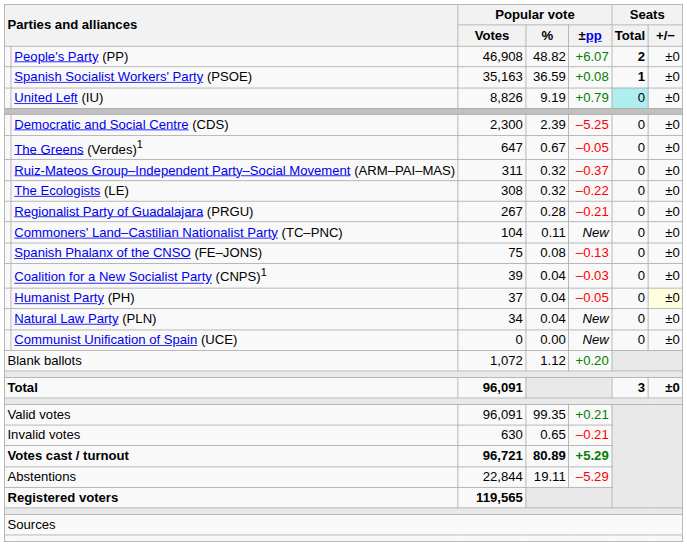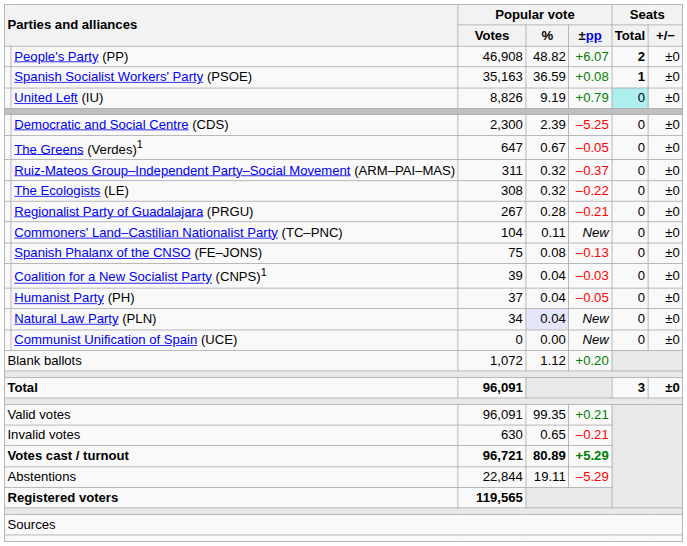 <table class="wikitable" style="text-align:right;">
 <tr>
 <th style="text-align:left;" rowspan="2" colspan="2" width="525">Parties and alliances</th>
 <th colspan="3">Popular vote</th>
 <th colspan="2">Seats</th>
 </tr>
 <tr>
 <th width="75">Votes</th>
 <th width="45">%</th>
 <th width="45">±<a href='#'>pp</a></th>
 <th width="35">Total</th>
 <th width="35">+/−</th>
 </tr>
 <tr>
 <td width="1" style="color:inherit;background:"></td>
 <td align="left"><a href='#'>People's Party</a> (PP)</td>
 <td>46,908</td>
 <td>48.82</td>
 <td style="color:green;">+6.07</td>
 <td><strong>2</strong></td>
 <td>±0</td>
 </tr>
 <tr>
 <td style="color:inherit;background:"></td>
 <td align="left"><a href='#'>Spanish Socialist Workers' Party</a> (PSOE)</td>
 <td>35,163</td>
 <td>36.59</td>
 <td style="color:green;">+0.08</td>
 <td><strong>1</strong></td>
 <td>±0</td>
 </tr>
 <tr>
 <td style="color:inherit;background:"></td>
 <td align="left"><a href='#'>United Left</a> (IU)</td>
 <td>8,826</td>
 <td>9.19</td>
 <td style="color:green;">+0.79</td>
 <td style="background: paleturquoise;">0</td>
 <td>±0</td>
 </tr>
 <tr>
 <td colspan="7" bgcolor="#C0C0C0"></td>
 </tr>
 <tr>
 <td style="color:inherit;background:"></td>
 <td align="left"><a href='#'>Democratic and Social Centre</a> (CDS)</td>
 <td>2,300</td>
 <td>2.39</td>
 <td style="color:red;">–5.25</td>
 <td>0</td>
 <td>±0</td>
 </tr>
 <tr>
 <td style="color:inherit;background:"></td>
 <td align="left"><a href='#'>The Greens</a> (Verdes)<sup>1</sup></td>
 <td>647</td>
 <td>0.67</td>
 <td style="color:red;">–0.05</td>
 <td>0</td>
 <td>±0</td>
 </tr>
 <tr>
 <td style="color:inherit;background:"></td>
 <td align="left"><a href='#'>Ruiz-Mateos Group–Independent Party–Social Movement</a> (ARM–PAI–MAS)</td>
 <td>311</td>
 <td>0.32</td>
 <td style="color:red;">–0.37</td>
 <td>0</td>
 <td>±0</td>
 </tr>
 <tr>
 <td style="color:inherit;background:"></td>
 <td align="left"><a href='#'>The Ecologists</a> (LE)</td>
 <td>308</td>
 <td>0.32</td>
 <td style="color:red;">–0.22</td>
 <td>0</td>
 <td>±0</td>
 </tr>
 <tr>
 <td style="color:inherit;background:"></td>
 <td align="left"><a href='#'>Regionalist Party of Guadalajara</a> (PRGU)</td>
 <td>267</td>
 <td>0.28</td>
 <td style="color:red;">–0.21</td>
 <td>0</td>
 <td>±0</td>
 </tr>
 <tr>
 <td style="color:inherit;background:"></td>
 <td align="left"><a href='#'>Commoners' Land–Castilian Nationalist Party</a> (TC–PNC)</td>
 <td>104</td>
 <td>0.11</td>
 <td><em>New</em></td>
 <td>0</td>
 <td>±0</td>
 </tr>
 <tr>
 <td style="color:inherit;background:"></td>
 <td align="left"><a href='#'>Spanish Phalanx of the CNSO</a> (FE–JONS)</td>
 <td>75</td>
 <td>0.08</td>
 <td style="color:red;">–0.13</td>
 <td>0</td>
 <td>±0</td>
 </tr>
 <tr>
 <td style="color:inherit;background:"></td>
 <td align="left"><a href='#'>Coalition for a New Socialist Party</a> (CNPS)<sup>1</sup></td>
 <td>39</td>
 <td>0.04</td>
 <td style="color:red;">–0.03</td>
 <td>0</td>
 <td>±0</td>
 </tr>
 <tr>
 <td style="color:inherit;background:"></td>
 <td align="left"><a href='#'>Humanist Party</a> (PH)</td>
 <td>37</td>
 <td>0.04</td>
 <td style="color:red;">–0.05</td>
 <td>0</td>
-<td style="background: lightyellow;">±0</td>
+<td>±0</td>
 </tr>
 <tr>
 <td style="color:inherit;background:"></td>
 <td align="left"><a href='#'>Natural Law Party</a> (PLN)</td>
 <td>34</td>
-<td>0.04</td>
+<td style="background: lavender;">0.04</td>
 <td><em>New</em></td>
 <td>0</td>
 <td>±0</td>
 </tr>
 <tr>
 <td style="color:inherit;background:"></td>
 <td align="left"><a href='#'>Communist Unification of Spain</a> (UCE)</td>
 <td>0</td>
 <td>0.00</td>
 <td><em>New</em></td>
 <td>0</td>
 <td>±0</td>
 </tr>
 <tr>
 <td align="left" colspan="2">Blank ballots</td>
 <td>1,072</td>
 <td>1.12</td>
 <td style="color:green;">+0.20</td>
 <td bgcolor="#E9E9E9" colspan="2"></td>
 </tr>
 <tr>
 <td colspan="7" bgcolor="#E9E9E9"></td>
 </tr>
 <tr style="font-weight:bold;">
 <td align="left" colspan="2">Total</td>
 <td>96,091</td>
 <td bgcolor="#E9E9E9" colspan="2"></td>
 <td>3</td>
 <td>±0</td>
 </tr>
 <tr>
 <td colspan="7" bgcolor="#E9E9E9"></td>
 </tr>
 <tr>
 <td align="left" colspan="2">Valid votes</td>
 <td>96,091</td>
 <td>99.35</td>
 <td style="color:green;">+0.21</td>
 <td bgcolor="#E9E9E9" colspan="2" rowspan="5"></td>
 </tr>
 <tr>
 <td align="left" colspan="2">Invalid votes</td>
 <td>630</td>
 <td>0.65</td>
 <td style="color:red;">–0.21</td>
 </tr>
 <tr style="font-weight:bold;">
 <td align="left" colspan="2">Votes cast / turnout</td>
 <td>96,721</td>
 <td>80.89</td>
 <td style="color:green;">+5.29</td>
 </tr>
 <tr>
 <td align="left" colspan="2">Abstentions</td>
 <td>22,844</td>
 <td>19.11</td>
 <td style="color:red;">–5.29</td>
 </tr>
 <tr style="font-weight:bold;">
 <td align="left" colspan="2">Registered voters</td>
 <td>119,565</td>
 <td bgcolor="#E9E9E9" colspan="2"></td>
 </tr>
 <tr>
 <td colspan="7" bgcolor="#E9E9E9"></td>
 </tr>
 <tr>
 <td align="left" colspan="7">Sources</td>
 </tr>
 <tr>
 <td colspan="7" style="text-align:left; max-width:790px;"></td>
 </tr>
 </table>
